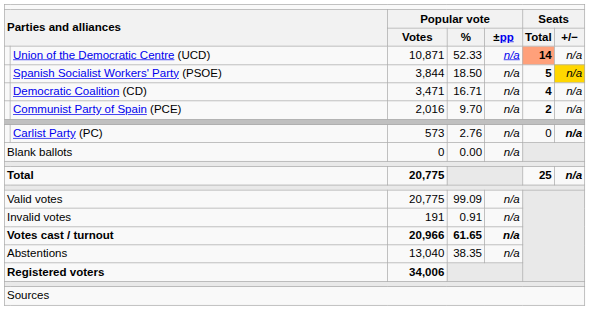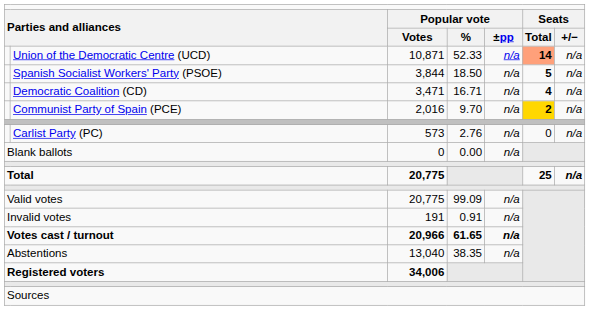 <table class="wikitable" style="text-align:right;">
 <tr>
 <td colspan="7"></td>
 </tr>
 <tr>
 <th style="text-align:left;" rowspan="2" colspan="2" width="525">Parties and alliances</th>
 <th colspan="3">Popular vote</th>
 <th colspan="2">Seats</th>
 </tr>
 <tr>
 <th width="75">Votes</th>
 <th width="45">%</th>
 <th width="45">±<a href='#'>pp</a></th>
 <th width="35">Total</th>
 <th width="35">+/−</th>
 </tr>
 <tr>
 <td width="1" style="color:inherit;background:"></td>
 <td align="left"><a href='#'>Union of the Democratic Centre</a> (UCD)</td>
 <td>10,871</td>
 <td>52.33</td>
 <td><em><a href='#'>n/a</a></em></td>
 <td style="background: lightsalmon;"><strong>14</strong></td>
 <td><em>n/a</em></td>
 </tr>
 <tr>
 <td style="color:inherit;background:"></td>
 <td align="left"><a href='#'>Spanish Socialist Workers' Party</a> (PSOE)</td>
 <td>3,844</td>
 <td>18.50</td>
 <td><em>n/a</em></td>
 <td><strong>5</strong></td>
-<td style="background: gold;"><em>n/a</em></td>
+<td><em>n/a</em></td>
 </tr>
 <tr>
 <td style="color:inherit;background:"></td>
 <td align="left"><a href='#'>Democratic Coalition</a> (CD)</td>
 <td>3,471</td>
 <td>16.71</td>
 <td><em>n/a</em></td>
 <td><strong>4</strong></td>
 <td><em>n/a</em></td>
 </tr>
 <tr>
 <td style="color:inherit;background:"></td>
 <td align="left"><a href='#'>Communist Party of Spain</a> (PCE)</td>
 <td>2,016</td>
 <td>9.70</td>
 <td><em>n/a</em></td>
-<td><strong>2</strong></td>
+<td style="background: gold;"><strong>2</strong></td>
 <td><em>n/a</em></td>
 </tr>
 <tr>
 <td colspan="7" bgcolor="#C0C0C0"></td>
 </tr>
 <tr>
 <td style="color:inherit;background:"></td>
 <td align="left"><a href='#'>Carlist Party</a> (PC)</td>
 <td>573</td>
 <td>2.76</td>
 <td><em>n/a</em></td>
 <td>0</td>
-<td><strong><em>n/a</em></strong></td>
+<td><em>n/a</em></td>
 </tr>
 <tr>
 <td align="left" colspan="2">Blank ballots</td>
 <td>0</td>
 <td>0.00</td>
 <td><em>n/a</em></td>
 <td bgcolor="#E9E9E9" colspan="2"></td>
 </tr>
 <tr>
 <td colspan="7" bgcolor="#E9E9E9"></td>
 </tr>
 <tr style="font-weight:bold;">
 <td align="left" colspan="2">Total</td>
 <td>20,775</td>
 <td bgcolor="#E9E9E9" colspan="2"></td>
 <td>25</td>
 <td><em>n/a</em></td>
 </tr>
 <tr>
 <td colspan="7" bgcolor="#E9E9E9"></td>
 </tr>
 <tr>
 <td align="left" colspan="2">Valid votes</td>
 <td>20,775</td>
 <td>99.09</td>
 <td><em>n/a</em></td>
 <td bgcolor="#E9E9E9" colspan="2" rowspan="5"></td>
 </tr>
 <tr>
 <td align="left" colspan="2">Invalid votes</td>
 <td>191</td>
 <td>0.91</td>
 <td><em>n/a</em></td>
 </tr>
 <tr style="font-weight:bold;">
 <td align="left" colspan="2">Votes cast / turnout</td>
 <td>20,966</td>
 <td>61.65</td>
 <td><em>n/a</em></td>
 </tr>
 <tr>
 <td align="left" colspan="2">Abstentions</td>
 <td>13,040</td>
 <td>38.35</td>
 <td><em>n/a</em></td>
 </tr>
 <tr style="font-weight:bold;">
 <td align="left" colspan="2">Registered voters</td>
 <td>34,006</td>
 <td bgcolor="#E9E9E9" colspan="2"></td>
 </tr>
 <tr>
 <td colspan="7" bgcolor="#E9E9E9"></td>
 </tr>
 <tr>
 <td align="left" colspan="7">Sources</td>
 </tr>
 </table>
